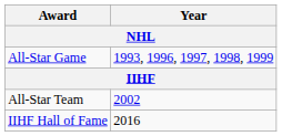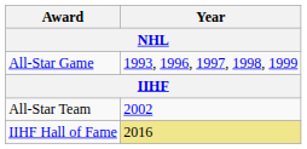 <table class="wikitable">
 <tr>
 <th>Award</th>
 <th>Year</th>
 </tr>
 <tr>
 <th colspan="2"><a href='#'>NHL</a></th>
 </tr>
 <tr>
 <td><a href='#'>All-Star Game</a></td>
 <td><a href='#'>1993</a>, <a href='#'>1996</a>, <a href='#'>1997</a>, <a href='#'>1998</a>, <a href='#'>1999</a></td>
 </tr>
 <tr>
 <th colspan="2"><a href='#'>IIHF</a></th>
 </tr>
 <tr>
 <td>All-Star Team</td>
 <td><a href='#'>2002</a></td>
 </tr>
 <tr>
 <td><a href='#'>IIHF Hall of Fame</a></td>
-<td>2016</td>
+<td style="background: khaki;">2016</td>
 </tr>
 </table>
